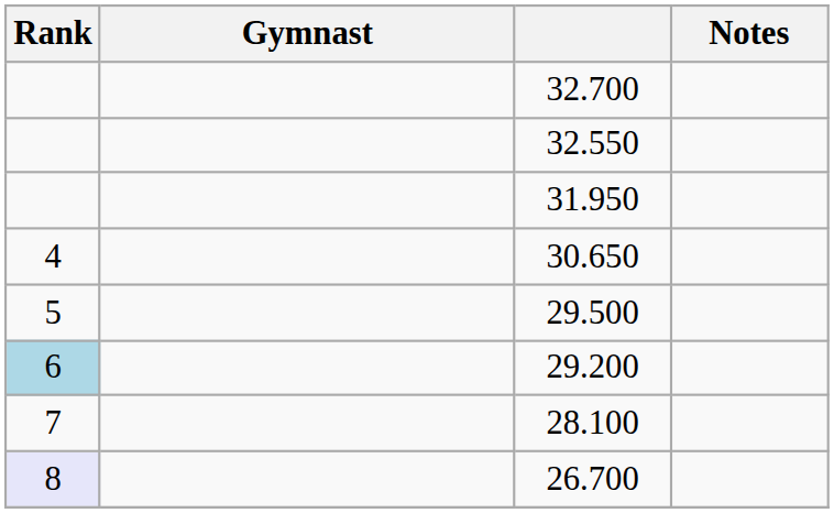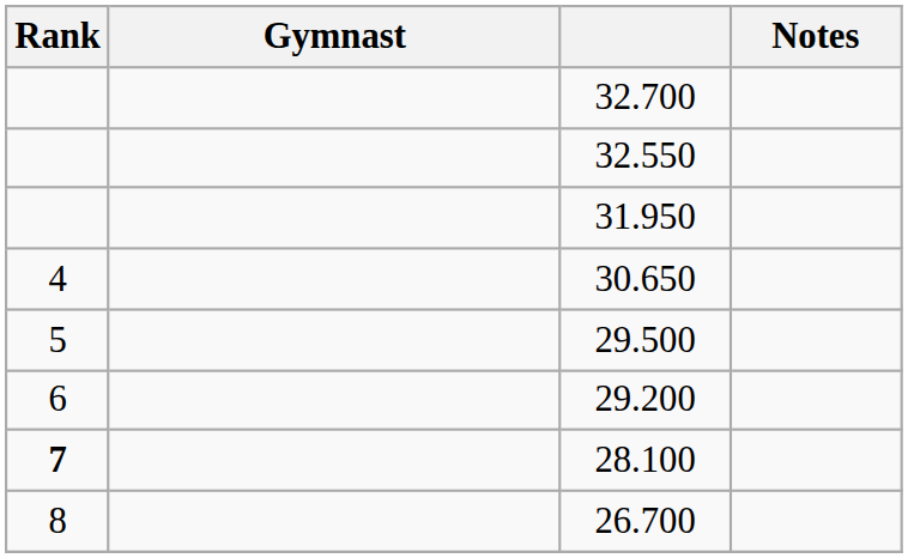 <table class="wikitable sortable" style="text-align:center; font-size:90%">
 <tr>
 <th scope="col" style="width:20px;">Rank</th>
 <th ! scope="col" style="width:170px;">Gymnast</th>
 <th ! scope="col" style="width:60px;"></th>
 <th ! scope="col" style="width:60px;">Notes</th>
 </tr>
 <tr>
 <td></td>
 <td align=left></td>
 <td>32.700</td>
 <td></td>
 </tr>
 <tr>
 <td></td>
 <td align=left></td>
 <td>32.550</td>
 <td></td>
 </tr>
 <tr>
 <td></td>
 <td align=left></td>
 <td>31.950</td>
 <td></td>
 </tr>
 <tr>
 <td>4</td>
 <td align=left></td>
 <td>30.650</td>
 <td></td>
 </tr>
 <tr>
 <td>5</td>
 <td align=left></td>
 <td>29.500</td>
 <td></td>
 </tr>
 <tr>
-<td style="background: lightblue;">6</td>
+<td>6</td>
 <td align=left></td>
 <td>29.200</td>
 <td></td>
 </tr>
 <tr>
-<td>7</td>
+<td><strong>7</strong></td>
 <td align=left></td>
 <td>28.100</td>
 <td></td>
 </tr>
 <tr>
-<td style="background: lavender;">8</td>
+<td>8</td>
 <td align=left></td>
 <td>26.700</td>
 <td></td>
 </tr>
 <tr>
 </tr>
 </table>
